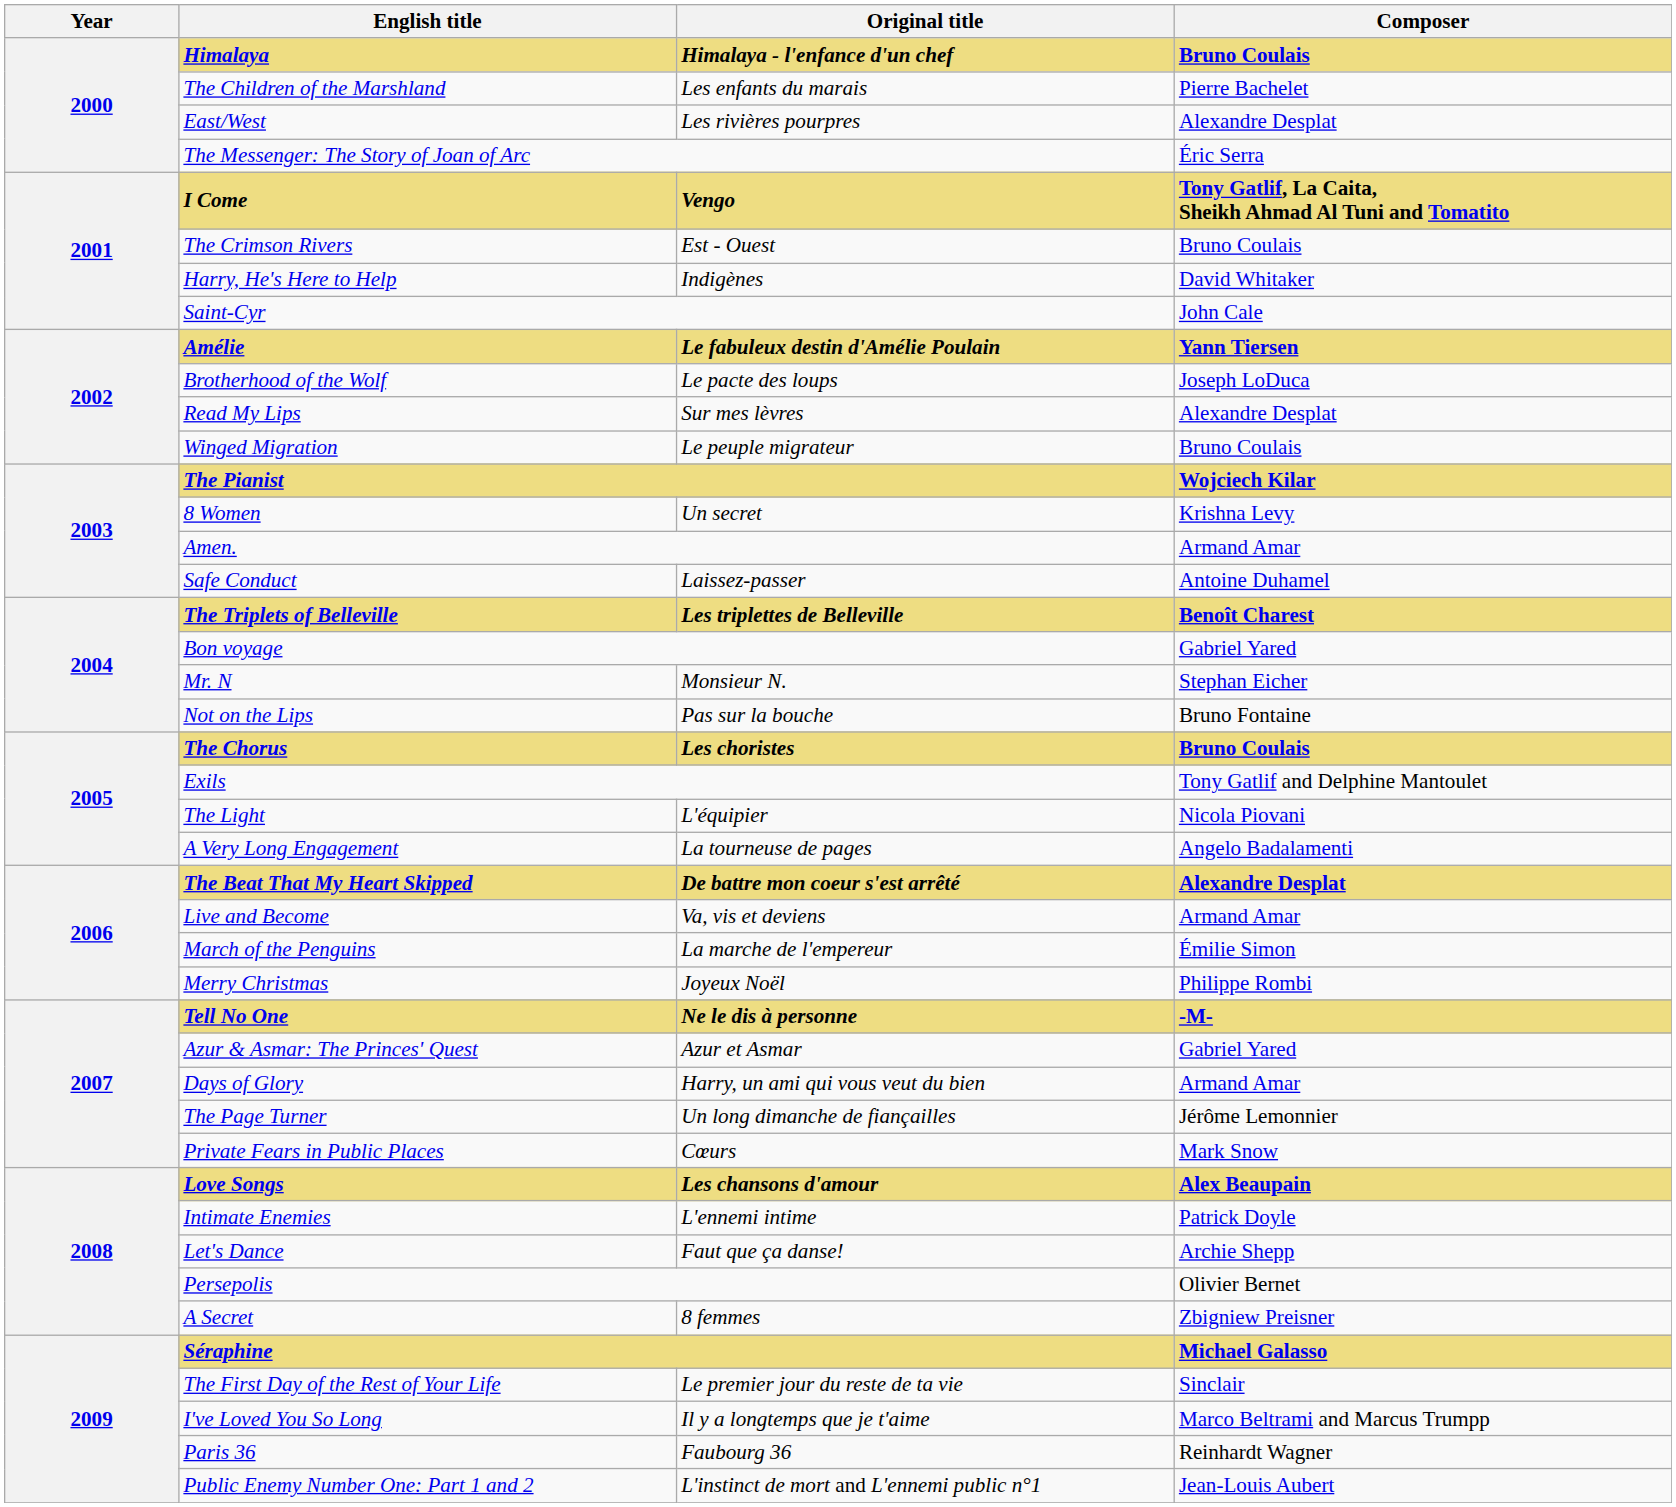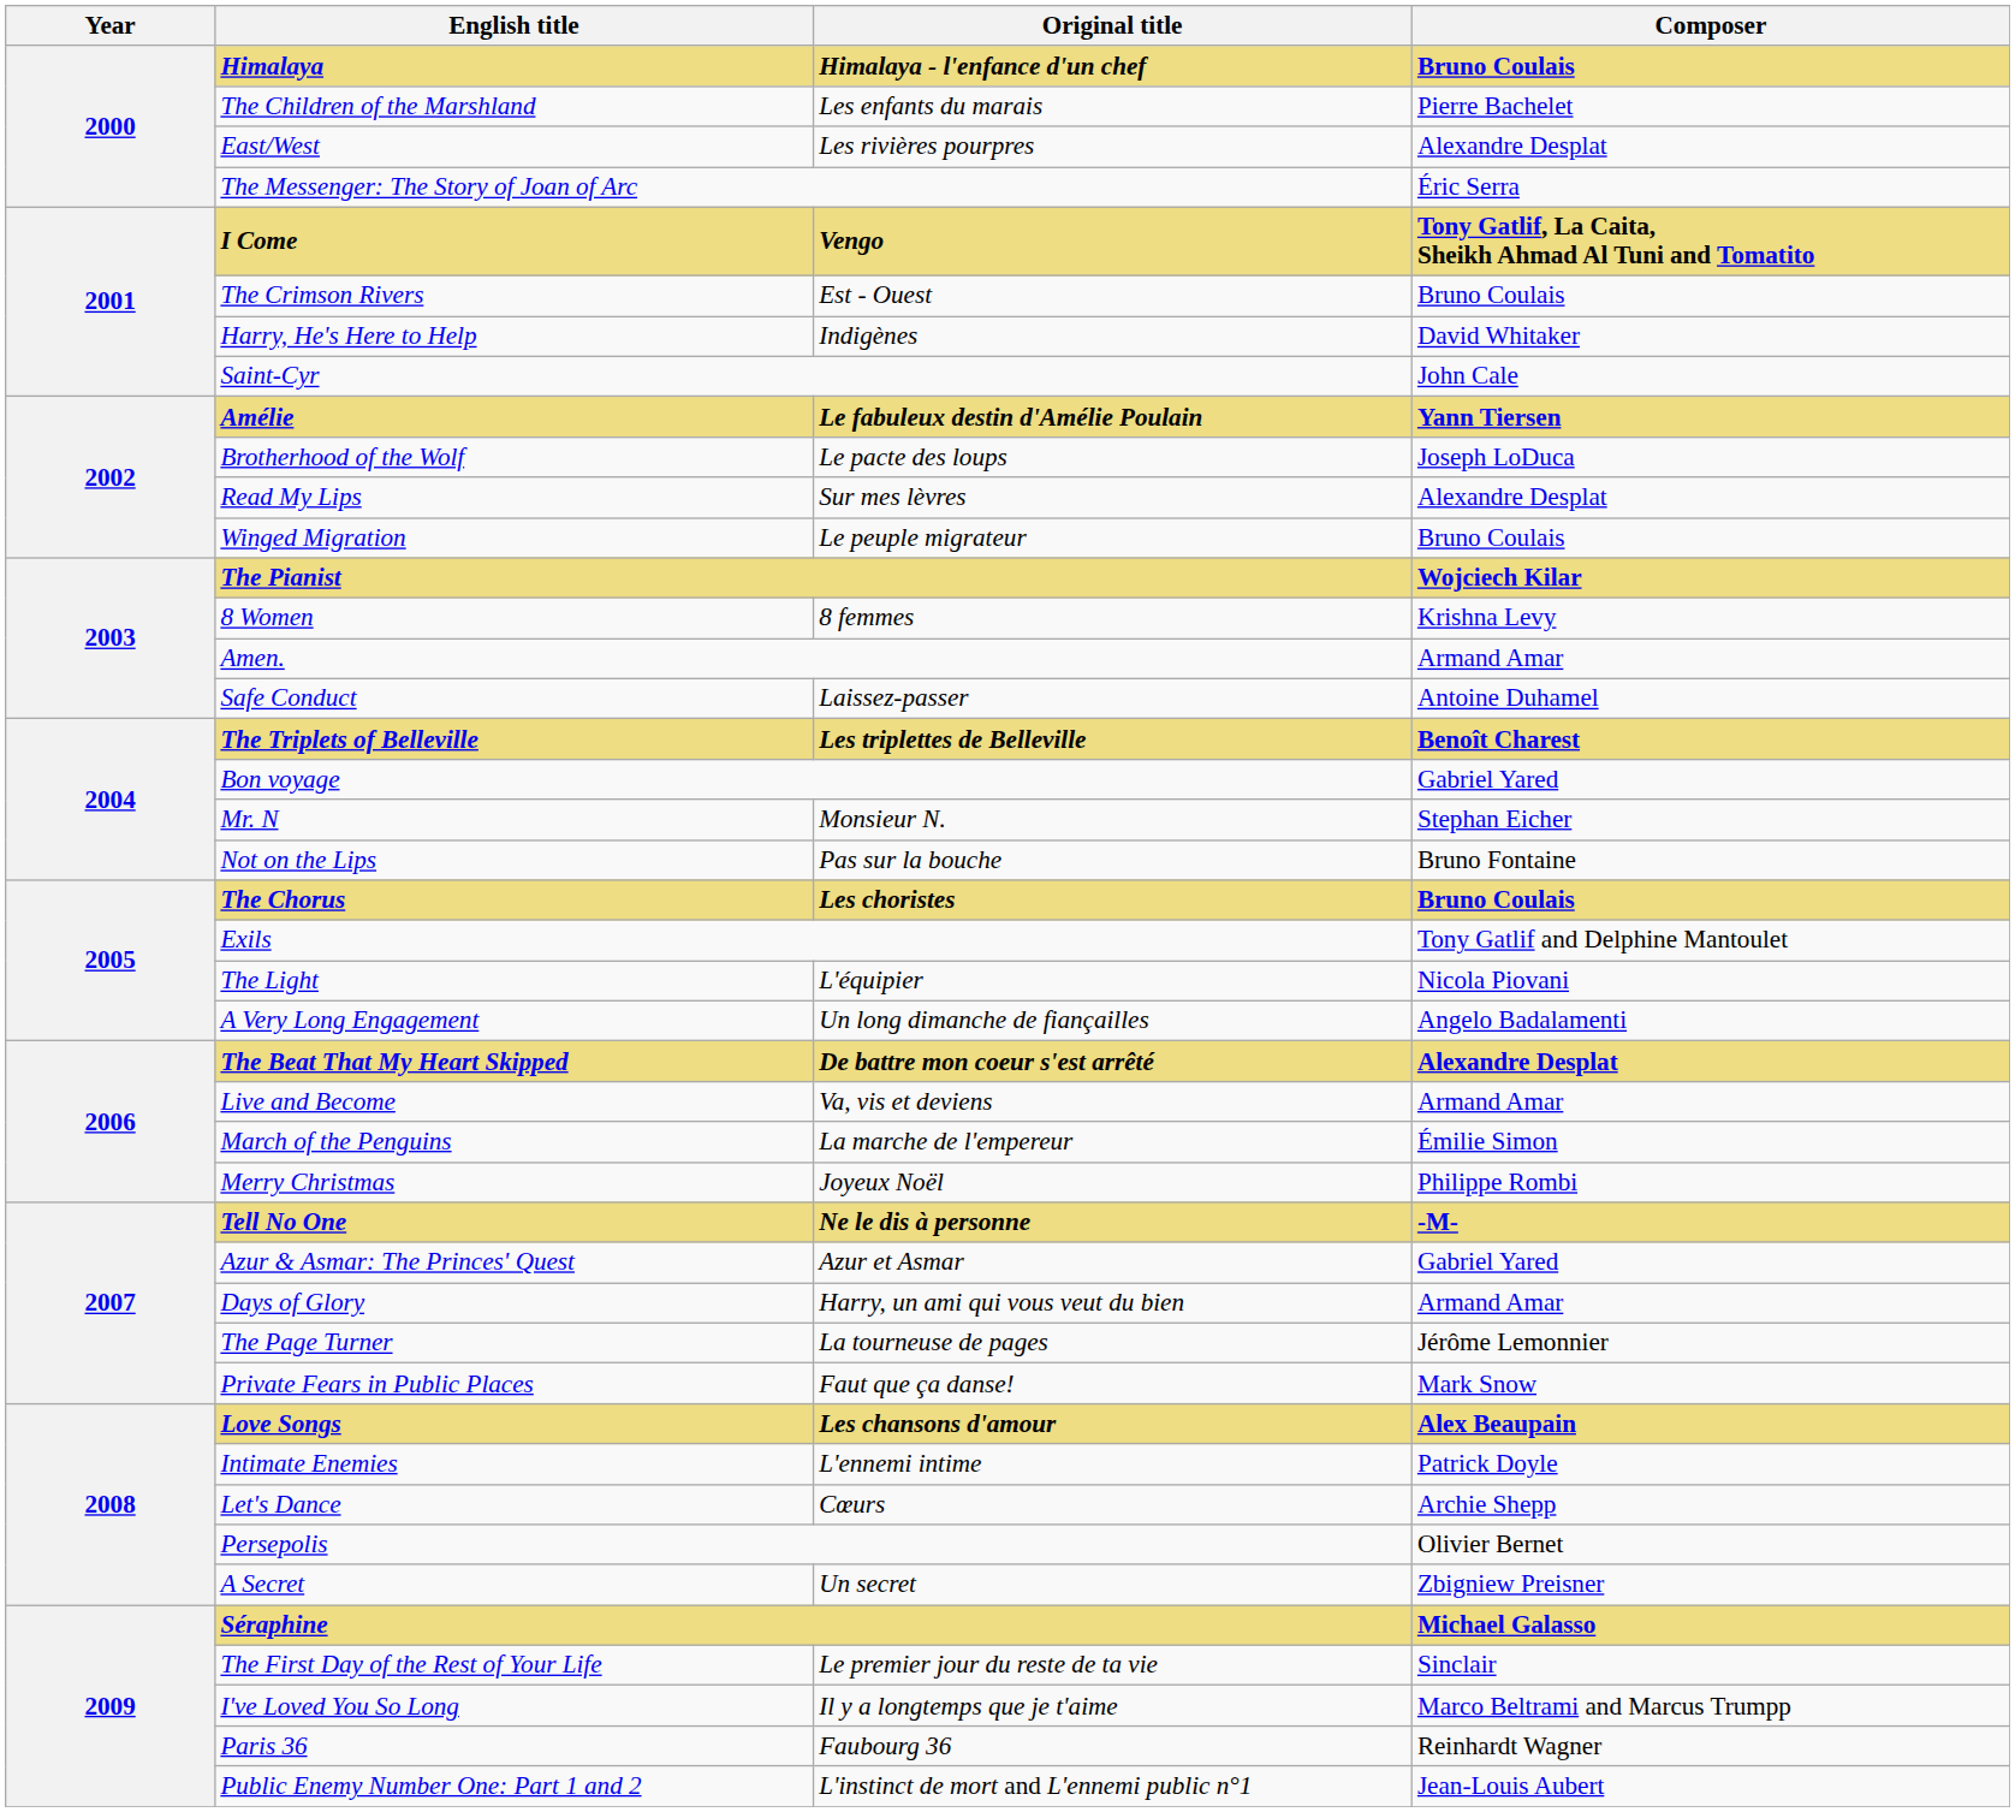 <table class="wikitable" style="width:100%;" cellpadding="5">
 <tr>
 <th style="width:100px;">Year</th>
 <th style="width:300px;">English title</th>
 <th style="width:300px;">Original title</th>
 <th style="width:300px;">Composer</th>
 </tr>
 <tr>
 <th rowspan="4" style="text-align:center;"><a href='#'>2000</a></th>
 <td style="background:#eedd82;"><em><a href='#'><strong>Himalaya</strong></a></em></td>
 <td style="background:#eedd82;"><strong><em>Himalaya - l'enfance d'un chef</em></strong></td>
 <td style="background:#eedd82;"><a href='#'><strong>Bruno Coulais</strong></a></td>
 </tr>
 <tr>
 <td><em><a href='#'>The Children of the Marshland</a></em></td>
 <td><em>Les enfants du marais</em></td>
 <td><a href='#'>Pierre Bachelet</a></td>
 </tr>
 <tr>
 <td><em><a href='#'>East/West</a></em></td>
 <td><em>Les rivières pourpres</em></td>
 <td><a href='#'>Alexandre Desplat</a></td>
 </tr>
 <tr>
 <td colspan="2"><em><a href='#'>The Messenger: The Story of Joan of Arc</a></em></td>
 <td><a href='#'>Éric Serra</a></td>
 </tr>
 <tr>
 <th rowspan="4" style="text-align:center;"><a href='#'>2001</a></th>
 <td style="background:#eedd82;"><strong><em>I Come</em></strong></td>
 <td style="background:#eedd82;"><strong><em>Vengo</em></strong></td>
 <td style="background:#eedd82;"><strong><a href='#'>Tony Gatlif</a>, La Caita, <br>Sheikh Ahmad Al Tuni and <a href='#'>Tomatito</a></strong></td>
 </tr>
 <tr>
 <td><em><a href='#'>The Crimson Rivers</a></em></td>
 <td><em>Est - Ouest</em></td>
 <td><a href='#'>Bruno Coulais</a></td>
 </tr>
 <tr>
 <td><em><a href='#'>Harry, He's Here to Help</a></em></td>
 <td><em>Indigènes</em></td>
 <td><a href='#'>David Whitaker</a></td>
 </tr>
 <tr>
 <td colspan="2"><em><a href='#'>Saint-Cyr</a></em></td>
 <td><a href='#'>John Cale</a></td>
 </tr>
 <tr>
 <th rowspan="4" style="text-align:center;"><a href='#'>2002</a></th>
 <td style="background:#eedd82;"><strong><em><a href='#'>Amélie</a></em></strong></td>
 <td style="background:#eedd82;"><strong><em>Le fabuleux destin d'Amélie Poulain</em></strong></td>
 <td style="background:#eedd82;"><a href='#'><strong>Yann Tiersen</strong></a></td>
 </tr>
 <tr>
 <td><em><a href='#'>Brotherhood of the Wolf</a></em></td>
 <td><em>Le pacte des loups</em></td>
 <td><a href='#'>Joseph LoDuca</a></td>
 </tr>
 <tr>
 <td><em><a href='#'>Read My Lips</a></em></td>
 <td><em>Sur mes lèvres</em></td>
 <td><a href='#'>Alexandre Desplat</a></td>
 </tr>
 <tr>
 <td><em><a href='#'>Winged Migration</a></em></td>
 <td><em>Le peuple migrateur</em></td>
 <td><a href='#'>Bruno Coulais</a></td>
 </tr>
 <tr>
 <th rowspan="4" style="text-align:center;"><a href='#'>2003</a></th>
 <td colspan="2" style="background:#eedd82;"><em><a href='#'><strong>The Pianist</strong></a></em></td>
 <td style="background:#eedd82;"><a href='#'><strong>Wojciech Kilar</strong></a></td>
 </tr>
 <tr>
 <td><em><a href='#'>8 Women</a></em></td>
-<td><em>Un secret</em></td>
+<td><em>8 femmes</em></td>
 <td><a href='#'>Krishna Levy</a></td>
 </tr>
 <tr>
 <td colspan="2"><em><a href='#'>Amen.</a></em></td>
 <td><a href='#'>Armand Amar</a></td>
 </tr>
 <tr>
 <td><em><a href='#'>Safe Conduct</a></em></td>
 <td><em>Laissez-passer</em></td>
 <td><a href='#'>Antoine Duhamel</a></td>
 </tr>
 <tr>
 <th rowspan="4" style="text-align:center;"><a href='#'>2004</a></th>
 <td style="background:#eedd82;"><em><a href='#'><strong>The Triplets of Belleville</strong></a></em></td>
 <td style="background:#eedd82;"><strong><em>Les triplettes de Belleville</em></strong></td>
 <td style="background:#eedd82;"><a href='#'><strong>Benoît Charest</strong></a></td>
 </tr>
 <tr>
 <td colspan="2"><em><a href='#'>Bon voyage</a></em></td>
 <td><a href='#'>Gabriel Yared</a></td>
 </tr>
 <tr>
 <td><em><a href='#'>Mr. N</a></em></td>
 <td><em>Monsieur N.</em></td>
 <td><a href='#'>Stephan Eicher</a></td>
 </tr>
 <tr>
 <td><em><a href='#'>Not on the Lips</a></em></td>
 <td><em>Pas sur la bouche</em></td>
 <td>Bruno Fontaine</td>
 </tr>
 <tr>
 <th rowspan="4" style="text-align:center;"><a href='#'>2005</a></th>
 <td style="background:#eedd82;"><em><a href='#'><strong>The Chorus</strong></a></em></td>
 <td style="background:#eedd82;"><strong><em>Les choristes</em></strong></td>
 <td style="background:#eedd82;"><a href='#'><strong>Bruno Coulais</strong></a></td>
 </tr>
 <tr>
 <td colspan="2"><em><a href='#'>Exils</a></em></td>
 <td><a href='#'>Tony Gatlif</a> and Delphine Mantoulet</td>
 </tr>
 <tr>
 <td><em><a href='#'>The Light</a></em></td>
 <td><em>L'équipier</em></td>
 <td><a href='#'>Nicola Piovani</a></td>
 </tr>
 <tr>
 <td><em><a href='#'>A Very Long Engagement</a></em></td>
-<td><em>La tourneuse de pages</em></td>
+<td><em>Un long dimanche de fiançailles</em></td>
 <td><a href='#'>Angelo Badalamenti</a></td>
 </tr>
 <tr>
 <th rowspan="4" style="text-align:center;"><a href='#'>2006</a></th>
 <td style="background:#eedd82;"><em><a href='#'><strong>The Beat That My Heart Skipped</strong></a></em></td>
 <td style="background:#eedd82;"><strong><em>De battre mon coeur s'est arrêté</em></strong></td>
 <td style="background:#eedd82;"><a href='#'><strong>Alexandre Desplat</strong></a></td>
 </tr>
 <tr>
 <td><em><a href='#'>Live and Become</a></em></td>
 <td><em>Va, vis et deviens</em></td>
 <td><a href='#'>Armand Amar</a></td>
 </tr>
 <tr>
 <td><em><a href='#'>March of the Penguins</a></em></td>
 <td><em>La marche de l'empereur</em></td>
 <td><a href='#'>Émilie Simon</a></td>
 </tr>
 <tr>
 <td><em><a href='#'>Merry Christmas</a></em></td>
 <td><em>Joyeux Noël</em></td>
 <td><a href='#'>Philippe Rombi</a></td>
 </tr>
 <tr>
 <th rowspan="5" style="text-align:center;"><a href='#'>2007</a></th>
 <td style="background:#eedd82;"><em><a href='#'><strong>Tell No One</strong></a></em></td>
 <td style="background:#eedd82;"><strong><em>Ne le dis à personne</em></strong></td>
 <td style="background:#eedd82;"><a href='#'><strong>-M-</strong></a></td>
 </tr>
 <tr>
 <td><em><a href='#'>Azur & Asmar: The Princes' Quest</a></em></td>
 <td><em>Azur et Asmar</em></td>
 <td><a href='#'>Gabriel Yared</a></td>
 </tr>
 <tr>
 <td><em><a href='#'>Days of Glory</a></em></td>
 <td><em>Harry, un ami qui vous veut du bien</em></td>
 <td><a href='#'>Armand Amar</a></td>
 </tr>
 <tr>
 <td><em><a href='#'>The Page Turner</a></em></td>
-<td><em>Un long dimanche de fiançailles</em></td>
+<td><em>La tourneuse de pages</em></td>
 <td>Jérôme Lemonnier</td>
 </tr>
 <tr>
 <td><em><a href='#'>Private Fears in Public Places</a></em></td>
-<td><em>Cœurs</em></td>
+<td><em>Faut que ça danse!</em></td>
 <td><a href='#'>Mark Snow</a></td>
 </tr>
 <tr>
 <th rowspan="5" style="text-align:center;"><a href='#'>2008</a></th>
 <td style="background:#eedd82;"><em><a href='#'><strong>Love Songs</strong></a></em></td>
 <td style="background:#eedd82;"><strong><em>Les chansons d'amour</em></strong></td>
 <td style="background:#eedd82;"><a href='#'><strong>Alex Beaupain</strong></a></td>
 </tr>
 <tr>
 <td><em><a href='#'>Intimate Enemies</a></em></td>
 <td><em>L'ennemi intime</em></td>
 <td><a href='#'>Patrick Doyle</a></td>
 </tr>
 <tr>
 <td><em><a href='#'>Let's Dance</a></em></td>
-<td><em>Faut que ça danse!</em></td>
+<td><em>Cœurs</em></td>
 <td><a href='#'>Archie Shepp</a></td>
 </tr>
 <tr>
 <td colspan="2"><em><a href='#'>Persepolis</a></em></td>
 <td>Olivier Bernet</td>
 </tr>
 <tr>
 <td><em><a href='#'>A Secret</a></em></td>
-<td><em>8 femmes</em></td>
+<td><em>Un secret</em></td>
 <td><a href='#'>Zbigniew Preisner</a></td>
 </tr>
 <tr>
 <th rowspan="5" style="text-align:center;"><a href='#'>2009</a></th>
 <td colspan="2" style="background:#eedd82;"><em><a href='#'><strong>Séraphine</strong></a></em></td>
 <td style="background:#eedd82;"><a href='#'><strong>Michael Galasso</strong></a></td>
 </tr>
 <tr>
 <td><em><a href='#'>The First Day of the Rest of Your Life</a></em></td>
 <td><em>Le premier jour du reste de ta vie</em></td>
 <td><a href='#'>Sinclair</a></td>
 </tr>
 <tr>
 <td><em><a href='#'>I've Loved You So Long</a></em></td>
 <td><em>Il y a longtemps que je t'aime</em></td>
 <td><a href='#'>Marco Beltrami</a> and Marcus Trumpp</td>
 </tr>
 <tr>
 <td><em><a href='#'>Paris 36</a></em></td>
 <td><em>Faubourg 36</em></td>
 <td>Reinhardt Wagner</td>
 </tr>
 <tr>
 <td><em><a href='#'>Public Enemy Number One: Part 1 and 2</a></em></td>
 <td><em>L'instinct de mort</em> and <em>L'ennemi public n°1</em></td>
 <td><a href='#'>Jean-Louis Aubert</a></td>
 </tr>
 </table>
